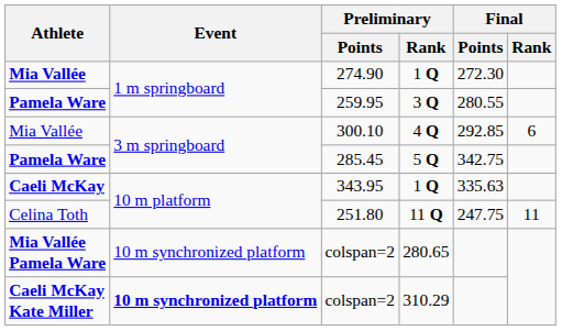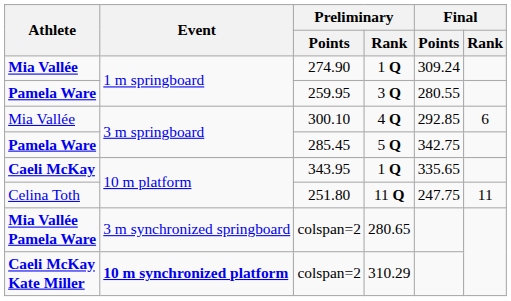 <table class=wikitable style="font-size:90%">
 <tr>
 <th rowspan=2>Athlete</th>
 <th rowspan=2>Event</th>
 <th colspan=2>Preliminary</th>
 <th colspan=2>Final</th>
 </tr>
 <tr>
 <th>Points</th>
 <th>Rank</th>
 <th>Points</th>
 <th>Rank</th>
 </tr>
 <tr align=center>
 <td align=left><strong><a href='#'>Mia Vallée</a></strong></td>
 <td rowspan=2 align=left><a href='#'>1 m springboard</a></td>
 <td>274.90</td>
 <td>1 <strong>Q</strong></td>
-<td>272.30</td>
+<td>309.24</td>
 <td></td>
 </tr>
 <tr align=center>
 <td align=left><strong><a href='#'>Pamela Ware</a></strong></td>
 <td>259.95</td>
 <td>3 <strong>Q</strong></td>
 <td>280.55</td>
 <td></td>
 </tr>
 <tr align=center>
 <td align=left><a href='#'>Mia Vallée</a></td>
 <td rowspan=2 align=left><a href='#'>3 m springboard</a></td>
 <td>300.10</td>
 <td>4 <strong>Q</strong></td>
 <td>292.85</td>
 <td>6</td>
 </tr>
 <tr align=center>
 <td align=left><strong><a href='#'>Pamela Ware</a></strong></td>
 <td>285.45</td>
 <td>5 <strong>Q</strong></td>
 <td>342.75</td>
 <td></td>
 </tr>
 <tr align=center>
 <td align=left><strong><a href='#'>Caeli McKay</a></strong></td>
 <td rowspan=2 align=left><a href='#'>10 m platform</a></td>
 <td>343.95</td>
 <td>1 <strong>Q</strong></td>
-<td>335.63</td>
+<td>335.65</td>
 <td></td>
 </tr>
 <tr align=center>
 <td align=left><a href='#'>Celina Toth</a></td>
 <td>251.80</td>
 <td>11 <strong>Q</strong></td>
 <td>247.75</td>
 <td>11</td>
 </tr>
 <tr align=center>
 <td align=left><strong><a href='#'>Mia Vallée</a><br><a href='#'>Pamela Ware</a></strong></td>
-<td align=left><a href='#'>10 m synchronized platform</a></td>
+<td align=left><a href='#'>3 m synchronized springboard</a></td>
 <td>colspan=2 </td>
 <td>280.65</td>
 <td></td>
 </tr>
 <tr align=center>
 <td align=left><strong><a href='#'>Caeli McKay</a><br><a href='#'>Kate Miller</a></strong></td>
 <td align=left><strong><a href='#'>10 m synchronized platform</a></strong></td>
 <td>colspan=2 </td>
 <td>310.29</td>
 <td></td>
 </tr>
 </table>
